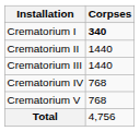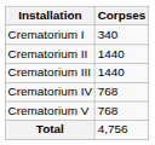 <table class="wikitable floatleft" align="left" border="1">
 <tr>
 <th>Installation</th>
 <th>Corpses</th>
 </tr>
 <tr>
 <td>Crematorium I</td>
-<td><strong>340</strong></td>
+<td>340</td>
 </tr>
 <tr>
 <td>Crematorium II</td>
 <td>1440</td>
 </tr>
 <tr>
 <td>Crematorium III</td>
 <td>1440</td>
 </tr>
 <tr>
 <td>Crematorium IV</td>
 <td>768</td>
 </tr>
 <tr>
 <td>Crematorium V</td>
 <td>768</td>
 </tr>
 <tr>
 <th>Total</th>
 <td>4,756</td>
 </tr>
 </table>
